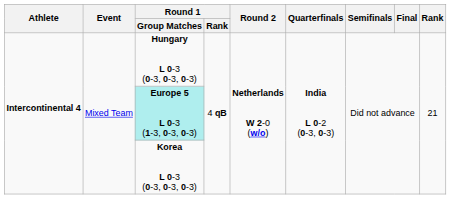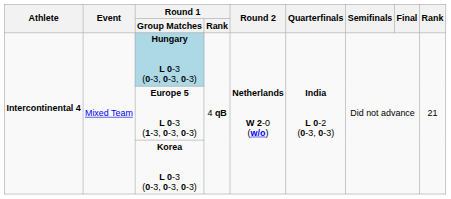 <table class="wikitable" border="1" style="font-size:90%">
 <tr>
 <th rowspan=2>Athlete</th>
 <th rowspan=2>Event</th>
 <th colspan=2>Round 1</th>
 <th rowspan=2>Round 2</th>
 <th rowspan=2>Quarterfinals</th>
 <th rowspan=2>Semifinals</th>
 <th rowspan=2>Final</th>
 <th rowspan=2>Rank</th>
 </tr>
 <tr>
 <th>Group Matches</th>
 <th>Rank</th>
 </tr>
 <tr>
 <td rowspan=3><strong>Intercontinental 4</strong><br><br></td>
 <td rowspan=3><a href='#'>Mixed Team</a></td>
-<td align=center><strong>Hungary</strong><br><br><br> <strong>L</strong> <strong>0</strong>-3 <br> (<strong>0</strong>-3, <strong>0</strong>-3, <strong>0</strong>-3)</td>
+<td align=center style="background: lightblue;"><strong>Hungary</strong><br><br><br> <strong>L</strong> <strong>0</strong>-3 <br> (<strong>0</strong>-3, <strong>0</strong>-3, <strong>0</strong>-3)</td>
 <td rowspan=3 align=center>4 <strong>qB</strong></td>
 <td align=center rowspan=3><strong>Netherlands</strong><br><br><br> <strong>W</strong> <strong>2</strong>-0 <br> (<strong><a href='#'>w/o</a></strong>)</td>
 <td align=center rowspan=3><strong>India</strong><br><br><br> <strong>L</strong> <strong>0</strong>-2 <br> (<strong>0</strong>-3, <strong>0</strong>-3)</td>
 <td rowspan=3 colspan=2 align=center>Did not advance</td>
 <td rowspan=3 align=center>21</td>
 </tr>
 <tr>
-<td align=center style="background: paleturquoise;"><strong>Europe 5</strong><br><br><br> <strong>L</strong> <strong>0</strong>-3 <br> (<strong>1</strong>-3, <strong>0</strong>-3, <strong>0</strong>-3)</td>
+<td align=center><strong>Europe 5</strong><br><br><br> <strong>L</strong> <strong>0</strong>-3 <br> (<strong>1</strong>-3, <strong>0</strong>-3, <strong>0</strong>-3)</td>
 </tr>
 <tr>
 <td align=center><strong>Korea</strong><br><br><br> <strong>L</strong> <strong>0</strong>-3 <br> (<strong>0</strong>-3, <strong>0</strong>-3, <strong>0</strong>-3)</td>
 </tr>
 </table>
